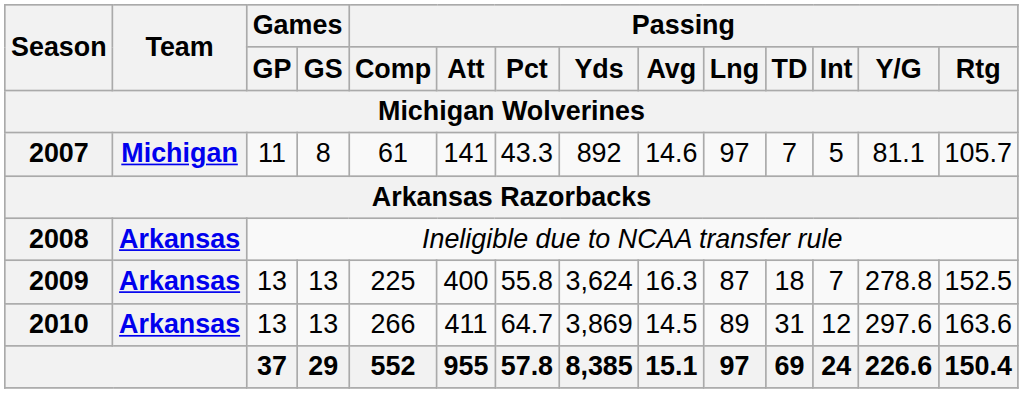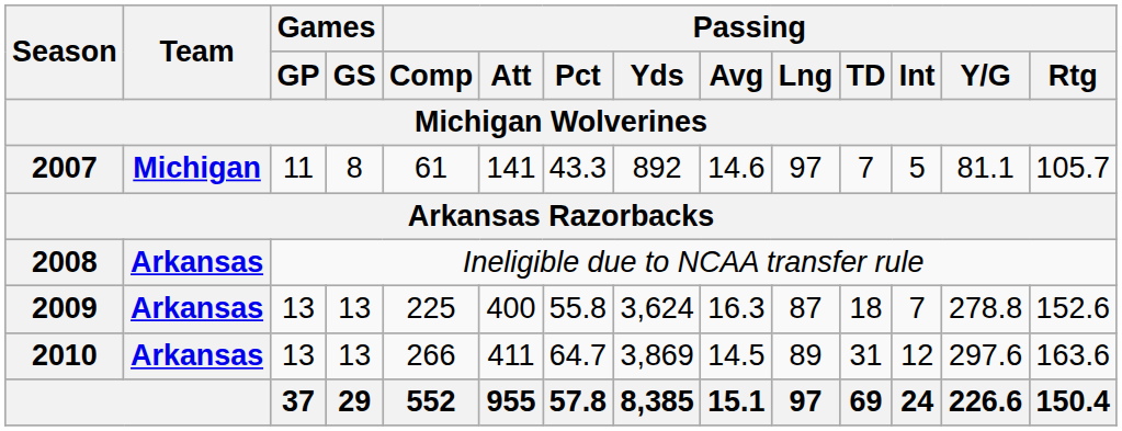 <table class="wikitable" style="text-align: center;">
 <tr>
 <th rowspan="2">Season</th>
 <th rowspan="2">Team</th>
 <th colspan="2">Games</th>
 <th colspan="10">Passing</th>
 </tr>
 <tr>
 <th>GP</th>
 <th>GS</th>
 <th>Comp</th>
 <th>Att</th>
 <th>Pct</th>
 <th>Yds</th>
 <th>Avg</th>
 <th>Lng</th>
 <th>TD</th>
 <th>Int</th>
 <th>Y/G</th>
 <th>Rtg</th>
 </tr>
 <tr>
 <th colspan="16">Michigan Wolverines</th>
 </tr>
 <tr>
 <th>2007</th>
 <th><a href='#'>Michigan</a></th>
 <td>11</td>
 <td>8</td>
 <td>61</td>
 <td>141</td>
 <td>43.3</td>
 <td>892</td>
 <td>14.6</td>
 <td>97</td>
 <td>7</td>
 <td>5</td>
 <td>81.1</td>
 <td>105.7</td>
 </tr>
 <tr>
 <th colspan="16">Arkansas Razorbacks</th>
 </tr>
 <tr>
 <th>2008</th>
 <th><a href='#'>Arkansas</a></th>
 <td colspan="12"><em>Ineligible due to NCAA transfer rule</em></td>
 </tr>
 <tr>
 <th>2009</th>
 <th><a href='#'>Arkansas</a></th>
 <td>13</td>
 <td>13</td>
 <td>225</td>
 <td>400</td>
 <td>55.8</td>
 <td>3,624</td>
 <td>16.3</td>
 <td>87</td>
 <td>18</td>
 <td>7</td>
 <td>278.8</td>
-<td>152.5</td>
+<td>152.6</td>
 </tr>
 <tr>
 <th>2010</th>
 <th><a href='#'>Arkansas</a></th>
 <td>13</td>
 <td>13</td>
 <td>266</td>
 <td>411</td>
 <td>64.7</td>
 <td>3,869</td>
 <td>14.5</td>
 <td>89</td>
 <td>31</td>
 <td>12</td>
 <td>297.6</td>
 <td>163.6</td>
 </tr>
 <tr>
 <th colspan="2"></th>
 <th>37</th>
 <th>29</th>
 <th>552</th>
 <th>955</th>
 <th>57.8</th>
 <th>8,385</th>
 <th>15.1</th>
 <th>97</th>
 <th>69</th>
 <th>24</th>
 <th>226.6</th>
 <th>150.4</th>
 </tr>
 </table>
